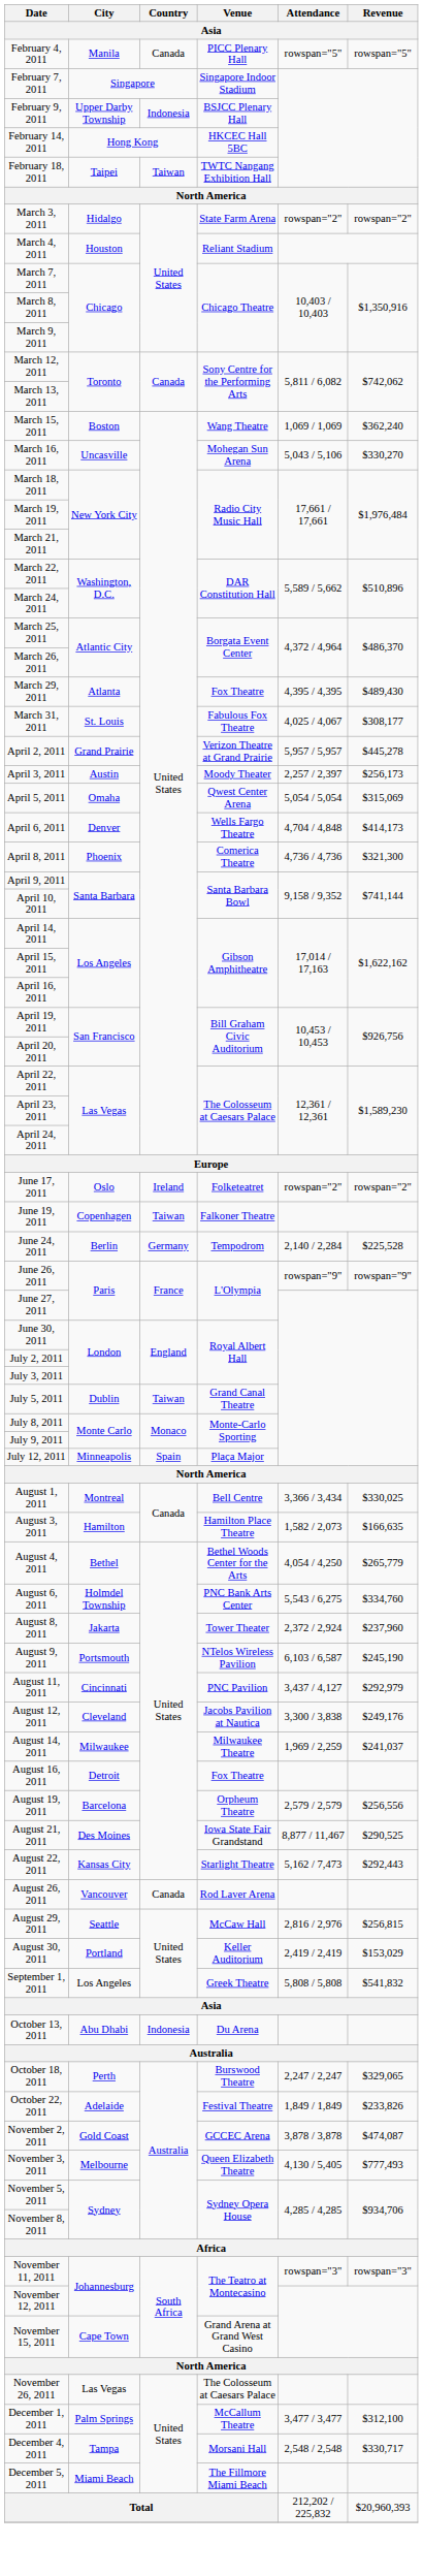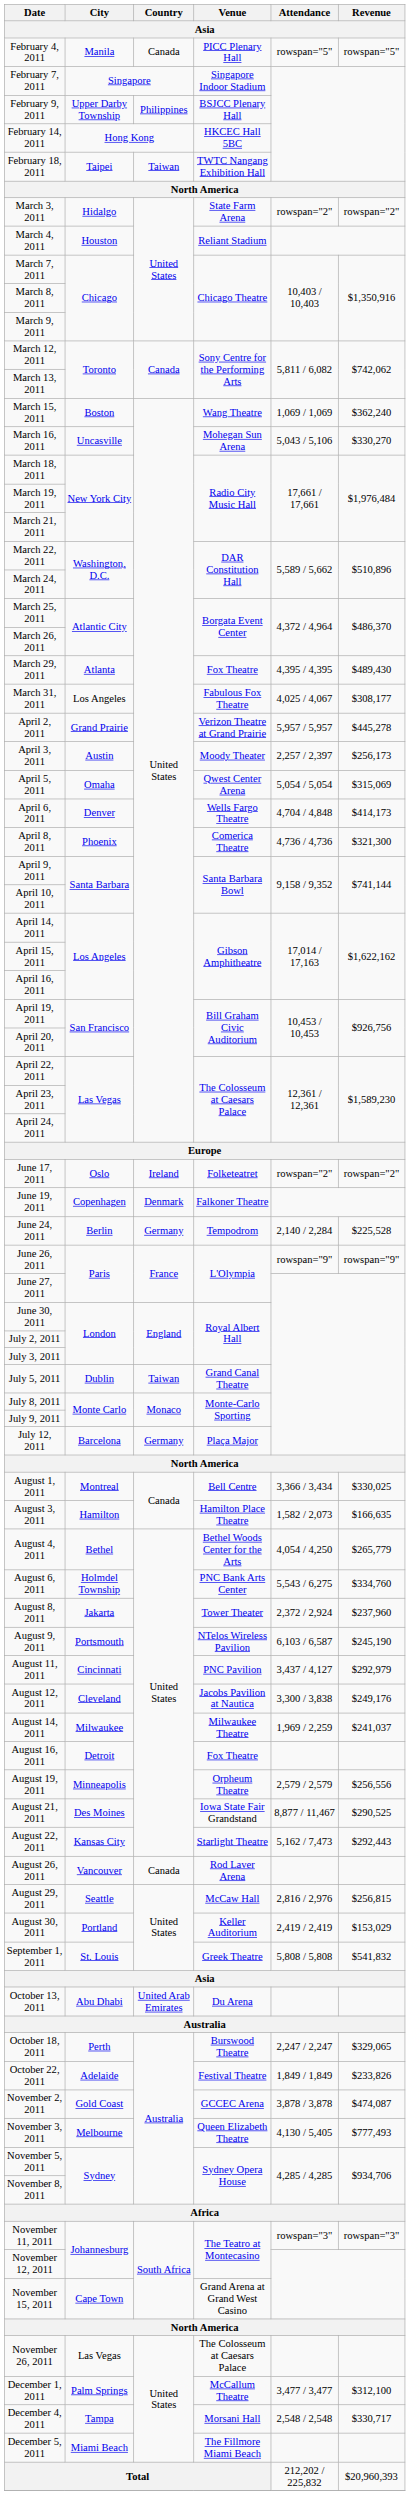 <table class="wikitable" style="text-align:center;">
 <tr>
 <th scope="col" style="width:12em;">Date</th>
 <th scope="col" style="width:10em;">City</th>
 <th scope="col" style="width:10em;">Country</th>
 <th scope="col" style="width:16em;">Venue</th>
 <th scope="col" style="width:10em;">Attendance</th>
 <th scope="col" style="width:10em;">Revenue</th>
 </tr>
 <tr>
 <th colspan="6">Asia</th>
 </tr>
 <tr>
 <td>February 4, 2011</td>
 <td><a href='#'>Manila</a></td>
 <td>Canada</td>
 <td><a href='#'>PICC Plenary Hall</a></td>
 <td>rowspan="5" </td>
 <td>rowspan="5" </td>
 </tr>
 <tr>
 <td>February 7, 2011</td>
 <td colspan="2"><a href='#'>Singapore</a></td>
 <td><a href='#'>Singapore Indoor Stadium</a></td>
 </tr>
 <tr>
 <td>February 9, 2011</td>
 <td><a href='#'>Upper Darby Township</a></td>
-<td><a href='#'>Indonesia</a></td>
+<td><a href='#'>Philippines</a></td>
 <td><a href='#'>BSJCC Plenary Hall</a></td>
 </tr>
 <tr>
 <td>February 14, 2011</td>
 <td colspan="2"><a href='#'>Hong Kong</a></td>
 <td><a href='#'>HKCEC Hall 5BC</a></td>
 </tr>
 <tr>
 <td>February 18, 2011</td>
 <td><a href='#'>Taipei</a></td>
 <td><a href='#'>Taiwan</a></td>
 <td><a href='#'>TWTC Nangang Exhibition Hall</a></td>
 </tr>
 <tr>
 <th colspan="6">North America</th>
 </tr>
 <tr>
 <td>March 3, 2011</td>
 <td><a href='#'>Hidalgo</a></td>
 <td rowspan="5"><a href='#'>United States</a></td>
 <td><a href='#'>State Farm Arena</a></td>
 <td>rowspan="2" </td>
 <td>rowspan="2" </td>
 </tr>
 <tr>
 <td>March 4, 2011</td>
 <td><a href='#'>Houston</a></td>
 <td><a href='#'>Reliant Stadium</a></td>
 </tr>
 <tr>
 <td>March 7, 2011</td>
 <td rowspan="3"><a href='#'>Chicago</a></td>
 <td rowspan="3"><a href='#'>Chicago Theatre</a></td>
 <td rowspan="3">10,403 / 10,403</td>
 <td rowspan="3">$1,350,916</td>
 </tr>
 <tr>
 <td>March 8, 2011</td>
 </tr>
 <tr>
 <td>March 9, 2011</td>
 </tr>
 <tr>
 <td>March 12, 2011</td>
 <td rowspan="2"><a href='#'>Toronto</a></td>
 <td rowspan="2"><a href='#'>Canada</a></td>
 <td rowspan="2"><a href='#'>Sony Centre for the Performing Arts</a></td>
 <td rowspan="2">5,811 / 6,082</td>
 <td rowspan="2">$742,062</td>
 </tr>
 <tr>
 <td>March 13, 2011</td>
 </tr>
 <tr>
 <td>March 15, 2011</td>
 <td><a href='#'>Boston</a></td>
 <td rowspan="26">United States</td>
 <td><a href='#'>Wang Theatre</a></td>
 <td>1,069 / 1,069</td>
 <td>$362,240</td>
 </tr>
 <tr>
 <td>March 16, 2011</td>
 <td><a href='#'>Uncasville</a></td>
 <td><a href='#'>Mohegan Sun Arena</a></td>
 <td>5,043 / 5,106</td>
 <td>$330,270</td>
 </tr>
 <tr>
 <td>March 18, 2011</td>
 <td rowspan="3"><a href='#'>New York City</a></td>
 <td rowspan="3"><a href='#'>Radio City Music Hall</a></td>
 <td rowspan="3">17,661 / 17,661</td>
 <td rowspan="3">$1,976,484</td>
 </tr>
 <tr>
 <td>March 19, 2011</td>
 </tr>
 <tr>
 <td>March 21, 2011</td>
 </tr>
 <tr>
 <td>March 22, 2011</td>
 <td rowspan="2"><a href='#'>Washington, D.C.</a></td>
 <td rowspan="2"><a href='#'>DAR Constitution Hall</a></td>
 <td rowspan="2">5,589 / 5,662</td>
 <td rowspan="2">$510,896</td>
 </tr>
 <tr>
 <td>March 24, 2011</td>
 </tr>
 <tr>
 <td>March 25, 2011</td>
 <td rowspan="2"><a href='#'>Atlantic City</a></td>
 <td rowspan="2"><a href='#'>Borgata Event Center</a></td>
 <td rowspan="2">4,372 / 4,964</td>
 <td rowspan="2">$486,370</td>
 </tr>
 <tr>
 <td>March 26, 2011</td>
 </tr>
 <tr>
 <td>March 29, 2011</td>
 <td><a href='#'>Atlanta</a></td>
 <td><a href='#'>Fox Theatre</a></td>
 <td>4,395 / 4,395</td>
 <td>$489,430</td>
 </tr>
 <tr>
 <td>March 31, 2011</td>
-<td><a href='#'>St. Louis</a></td>
+<td>Los Angeles</td>
 <td><a href='#'>Fabulous Fox Theatre</a></td>
 <td>4,025 / 4,067</td>
 <td>$308,177</td>
 </tr>
 <tr>
 <td>April 2, 2011</td>
 <td><a href='#'>Grand Prairie</a></td>
 <td><a href='#'>Verizon Theatre at Grand Prairie</a></td>
 <td>5,957 / 5,957</td>
 <td>$445,278</td>
 </tr>
 <tr>
 <td>April 3, 2011</td>
 <td><a href='#'>Austin</a></td>
 <td><a href='#'>Moody Theater</a></td>
 <td>2,257 / 2,397</td>
 <td>$256,173</td>
 </tr>
 <tr>
 <td>April 5, 2011</td>
 <td><a href='#'>Omaha</a></td>
 <td><a href='#'>Qwest Center Arena</a></td>
 <td>5,054 / 5,054</td>
 <td>$315,069</td>
 </tr>
 <tr>
 <td>April 6, 2011</td>
 <td><a href='#'>Denver</a></td>
 <td><a href='#'>Wells Fargo Theatre</a></td>
 <td>4,704 / 4,848</td>
 <td>$414,173</td>
 </tr>
 <tr>
 <td>April 8, 2011</td>
 <td><a href='#'>Phoenix</a></td>
 <td><a href='#'>Comerica Theatre</a></td>
 <td>4,736 / 4,736</td>
 <td>$321,300</td>
 </tr>
 <tr>
 <td>April 9, 2011</td>
 <td rowspan="2"><a href='#'>Santa Barbara</a></td>
 <td rowspan="2"><a href='#'>Santa Barbara Bowl</a></td>
 <td rowspan="2">9,158 / 9,352</td>
 <td rowspan="2">$741,144</td>
 </tr>
 <tr>
 <td>April 10, 2011</td>
 </tr>
 <tr>
 <td>April 14, 2011</td>
 <td rowspan="3"><a href='#'>Los Angeles</a></td>
 <td rowspan="3"><a href='#'>Gibson Amphitheatre</a></td>
 <td rowspan="3">17,014 / 17,163</td>
 <td rowspan="3">$1,622,162</td>
 </tr>
 <tr>
 <td>April 15, 2011</td>
 </tr>
 <tr>
 <td>April 16, 2011</td>
 </tr>
 <tr>
 <td>April 19, 2011</td>
 <td rowspan="2"><a href='#'>San Francisco</a></td>
 <td rowspan="2"><a href='#'>Bill Graham Civic Auditorium</a></td>
 <td rowspan="2">10,453 / 10,453</td>
 <td rowspan="2">$926,756</td>
 </tr>
 <tr>
 <td>April 20, 2011</td>
 </tr>
 <tr>
 <td>April 22, 2011</td>
 <td rowspan="3"><a href='#'>Las Vegas</a></td>
 <td rowspan="3"><a href='#'>The Colosseum at Caesars Palace</a></td>
 <td rowspan="3">12,361 / 12,361</td>
 <td rowspan="3">$1,589,230</td>
 </tr>
 <tr>
 <td>April 23, 2011</td>
 </tr>
 <tr>
 <td>April 24, 2011</td>
 </tr>
 <tr>
 <th colspan="6">Europe</th>
 </tr>
 <tr>
 <td>June 17, 2011</td>
 <td><a href='#'>Oslo</a></td>
 <td><a href='#'>Ireland</a></td>
 <td><a href='#'>Folketeatret</a></td>
 <td>rowspan="2" </td>
 <td>rowspan="2" </td>
 </tr>
 <tr>
 <td>June 19, 2011</td>
 <td><a href='#'>Copenhagen</a></td>
-<td><a href='#'>Taiwan</a></td>
+<td><a href='#'>Denmark</a></td>
 <td><a href='#'>Falkoner Theatre</a></td>
 </tr>
 <tr>
 <td>June 24, 2011</td>
 <td><a href='#'>Berlin</a></td>
 <td><a href='#'>Germany</a></td>
 <td><a href='#'>Tempodrom</a></td>
 <td>2,140 / 2,284</td>
 <td>$225,528</td>
 </tr>
 <tr>
 <td>June 26, 2011</td>
 <td rowspan="2"><a href='#'>Paris</a></td>
 <td rowspan="2"><a href='#'>France</a></td>
 <td rowspan="2"><a href='#'>L'Olympia</a></td>
 <td>rowspan="9" </td>
 <td>rowspan="9" </td>
 </tr>
 <tr>
 <td>June 27, 2011</td>
 </tr>
 <tr>
 <td>June 30, 2011</td>
 <td rowspan="3"><a href='#'>London</a></td>
 <td rowspan="3"><a href='#'>England</a></td>
 <td rowspan="3"><a href='#'>Royal Albert Hall</a></td>
 </tr>
 <tr>
 <td>July 2, 2011</td>
 </tr>
 <tr>
 <td>July 3, 2011</td>
 </tr>
 <tr>
 <td>July 5, 2011</td>
 <td><a href='#'>Dublin</a></td>
 <td><a href='#'>Taiwan</a></td>
 <td><a href='#'>Grand Canal Theatre</a></td>
 </tr>
 <tr>
 <td>July 8, 2011</td>
 <td rowspan="2"><a href='#'>Monte Carlo</a></td>
 <td rowspan="2"><a href='#'>Monaco</a></td>
 <td rowspan="2"><a href='#'>Monte-Carlo Sporting</a></td>
 </tr>
 <tr>
 <td>July 9, 2011</td>
 </tr>
 <tr>
 <td>July 12, 2011</td>
-<td><a href='#'>Minneapolis</a></td>
-<td><a href='#'>Spain</a></td>
+<td><a href='#'>Barcelona</a></td>
+<td><a href='#'>Germany</a></td>
 <td><a href='#'>Plaça Major</a></td>
 </tr>
 <tr>
 <th colspan="6">North America</th>
 </tr>
 <tr>
 <td>August 1, 2011</td>
 <td><a href='#'>Montreal</a></td>
 <td rowspan="2">Canada</td>
 <td><a href='#'>Bell Centre</a></td>
 <td>3,366 / 3,434</td>
 <td>$330,025</td>
 </tr>
 <tr>
 <td>August 3, 2011</td>
 <td><a href='#'>Hamilton</a></td>
 <td><a href='#'>Hamilton Place Theatre</a></td>
 <td>1,582 / 2,073</td>
 <td>$166,635</td>
 </tr>
 <tr>
 <td>August 4, 2011</td>
 <td><a href='#'>Bethel</a></td>
 <td rowspan="11">United States</td>
 <td><a href='#'>Bethel Woods Center for the Arts</a></td>
 <td>4,054 / 4,250</td>
 <td>$265,779</td>
 </tr>
 <tr>
 <td>August 6, 2011</td>
 <td><a href='#'>Holmdel Township</a></td>
 <td><a href='#'>PNC Bank Arts Center</a></td>
 <td>5,543 / 6,275</td>
 <td>$334,760</td>
 </tr>
 <tr>
 <td>August 8, 2011</td>
 <td><a href='#'>Jakarta</a></td>
 <td><a href='#'>Tower Theater</a></td>
 <td>2,372 / 2,924</td>
 <td>$237,960</td>
 </tr>
 <tr>
 <td>August 9, 2011</td>
 <td><a href='#'>Portsmouth</a></td>
 <td><a href='#'>NTelos Wireless Pavilion</a></td>
 <td>6,103 / 6,587</td>
 <td>$245,190</td>
 </tr>
 <tr>
 <td>August 11, 2011</td>
 <td><a href='#'>Cincinnati</a></td>
 <td><a href='#'>PNC Pavilion</a></td>
 <td>3,437 / 4,127</td>
 <td>$292,979</td>
 </tr>
 <tr>
 <td>August 12, 2011</td>
 <td><a href='#'>Cleveland</a></td>
 <td><a href='#'>Jacobs Pavilion at Nautica</a></td>
 <td>3,300 / 3,838</td>
 <td>$249,176</td>
 </tr>
 <tr>
 <td>August 14, 2011</td>
 <td><a href='#'>Milwaukee</a></td>
 <td><a href='#'>Milwaukee Theatre</a></td>
 <td>1,969 / 2,259</td>
 <td>$241,037</td>
 </tr>
 <tr>
 <td>August 16, 2011</td>
 <td><a href='#'>Detroit</a></td>
 <td><a href='#'>Fox Theatre</a></td>
 <td></td>
 <td></td>
 </tr>
 <tr>
 <td>August 19, 2011</td>
-<td><a href='#'>Barcelona</a></td>
+<td><a href='#'>Minneapolis</a></td>
 <td><a href='#'>Orpheum Theatre</a></td>
 <td>2,579 / 2,579</td>
 <td>$256,556</td>
 </tr>
 <tr>
 <td>August 21, 2011</td>
 <td><a href='#'>Des Moines</a></td>
 <td><a href='#'>Iowa State Fair</a> Grandstand</td>
 <td>8,877 / 11,467</td>
 <td>$290,525</td>
 </tr>
 <tr>
 <td>August 22, 2011</td>
 <td><a href='#'>Kansas City</a></td>
 <td><a href='#'>Starlight Theatre</a></td>
 <td>5,162 / 7,473</td>
 <td>$292,443</td>
 </tr>
 <tr>
 <td>August 26, 2011</td>
 <td><a href='#'>Vancouver</a></td>
 <td>Canada</td>
 <td><a href='#'>Rod Laver Arena</a></td>
 <td></td>
 <td></td>
 </tr>
 <tr>
 <td>August 29, 2011</td>
 <td><a href='#'>Seattle</a></td>
 <td rowspan="3">United States</td>
 <td><a href='#'>McCaw Hall</a></td>
 <td>2,816 / 2,976</td>
 <td>$256,815</td>
 </tr>
 <tr>
 <td>August 30, 2011</td>
 <td><a href='#'>Portland</a></td>
 <td><a href='#'>Keller Auditorium</a></td>
 <td>2,419 / 2,419</td>
 <td>$153,029</td>
 </tr>
 <tr>
 <td>September 1, 2011</td>
-<td>Los Angeles</td>
+<td><a href='#'>St. Louis</a></td>
 <td><a href='#'>Greek Theatre</a></td>
 <td>5,808 / 5,808</td>
 <td>$541,832</td>
 </tr>
 <tr>
 <th colspan="6">Asia</th>
 </tr>
 <tr>
 <td>October 13, 2011</td>
 <td><a href='#'>Abu Dhabi</a></td>
-<td><a href='#'>Indonesia</a></td>
+<td><a href='#'>United Arab Emirates</a></td>
 <td><a href='#'>Du Arena</a></td>
 <td></td>
 <td></td>
 </tr>
 <tr>
 <th colspan="6">Australia</th>
 </tr>
 <tr>
 <td>October 18, 2011</td>
 <td><a href='#'>Perth</a></td>
 <td rowspan="6"><a href='#'>Australia</a></td>
 <td><a href='#'>Burswood Theatre</a></td>
 <td>2,247 / 2,247</td>
 <td>$329,065</td>
 </tr>
 <tr>
 <td>October 22, 2011</td>
 <td><a href='#'>Adelaide</a></td>
 <td><a href='#'>Festival Theatre</a></td>
 <td>1,849 / 1,849</td>
 <td>$233,826</td>
 </tr>
 <tr>
 <td>November 2, 2011</td>
 <td><a href='#'>Gold Coast</a></td>
 <td><a href='#'>GCCEC Arena</a></td>
 <td>3,878 / 3,878</td>
 <td>$474,087</td>
 </tr>
 <tr>
 <td>November 3, 2011</td>
 <td><a href='#'>Melbourne</a></td>
 <td><a href='#'>Queen Elizabeth Theatre</a></td>
 <td>4,130 / 5,405</td>
 <td>$777,493</td>
 </tr>
 <tr>
 <td>November 5, 2011</td>
 <td rowspan="2"><a href='#'>Sydney</a></td>
 <td rowspan="2"><a href='#'>Sydney Opera House</a></td>
 <td rowspan="2">4,285 / 4,285</td>
 <td rowspan="2">$934,706</td>
 </tr>
 <tr>
 <td>November 8, 2011</td>
 </tr>
 <tr>
 <th colspan="6">Africa</th>
 </tr>
 <tr>
 <td>November 11, 2011</td>
 <td rowspan="2"><a href='#'>Johannesburg</a></td>
 <td rowspan="3"><a href='#'>South Africa</a></td>
 <td rowspan="2"><a href='#'>The Teatro at Montecasino</a></td>
 <td>rowspan="3" </td>
 <td>rowspan="3" </td>
 </tr>
 <tr>
 <td>November 12, 2011</td>
 </tr>
 <tr>
 <td>November 15, 2011</td>
 <td><a href='#'>Cape Town</a></td>
 <td>Grand Arena at Grand West Casino</td>
 </tr>
 <tr>
 <th colspan="6">North America</th>
 </tr>
 <tr>
 <td>November 26, 2011</td>
 <td>Las Vegas</td>
 <td rowspan="4">United States</td>
 <td>The Colosseum at Caesars Palace</td>
 <td></td>
 <td></td>
 </tr>
 <tr>
 <td>December 1, 2011</td>
 <td><a href='#'>Palm Springs</a></td>
 <td><a href='#'>McCallum Theatre</a></td>
 <td>3,477 / 3,477</td>
 <td>$312,100</td>
 </tr>
 <tr>
 <td>December 4, 2011</td>
 <td><a href='#'>Tampa</a></td>
 <td><a href='#'>Morsani Hall</a></td>
 <td>2,548 / 2,548</td>
 <td>$330,717</td>
 </tr>
 <tr>
 <td>December 5, 2011</td>
 <td><a href='#'>Miami Beach</a></td>
 <td><a href='#'>The Fillmore Miami Beach</a></td>
 <td></td>
 <td></td>
 </tr>
 <tr>
 <th colspan="4">Total</th>
 <td>212,202 / 225,832</td>
 <td>$20,960,393</td>
 </tr>
 <tr>
 </tr>
 </table>
